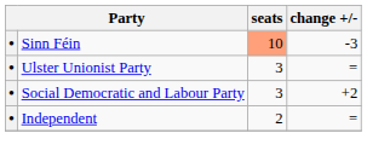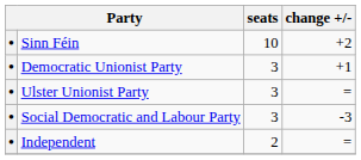 <table class="wikitable" style="font-size: 95%;">
 <tr>
 <th colspan=2>Party</th>
 <th>seats</th>
 <th>change +/-</th>
 </tr>
 <tr>
 <th style="background-color: "><span>•</span></th>
 <td><a href='#'>Sinn Féin</a></td>
-<td align="right" style="background: lightsalmon;">10</td>
-<td align="right">-3</td>
+<td align="right">10</td>
+<td align="right">+2</td>
+</tr>
+<tr>
+<th style="background-color: "><span>•</span></th>
+<td><a href='#'>Democratic Unionist Party</a></td>
+<td align="right">3</td>
+<td align="right">+1</td>
 </tr>
 <tr>
 <th style="background-color: "><span>•</span></th>
 <td><a href='#'>Ulster Unionist Party</a></td>
 <td align="right">3</td>
 <td align="right">=</td>
 </tr>
 <tr>
 <th style="background-color: "><span>•</span></th>
 <td><a href='#'>Social Democratic and Labour Party</a></td>
 <td align="right">3</td>
-<td align="right">+2</td>
+<td align="right">-3</td>
 </tr>
 <tr>
 <th style="background-color: "><span>•</span></th>
 <td><a href='#'>Independent</a></td>
 <td align="right">2</td>
 <td align="right">=</td>
 </tr>
 <tr>
 </tr>
 </table>
